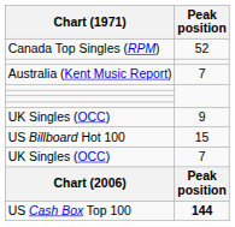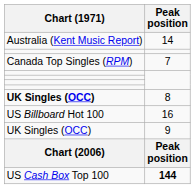 <table class="wikitable sortable">
 <tr>
 <th style="text-align:center;">Chart (1971)</th>
 <th style="text-align:center;">Peak<br>position</th>
 </tr>
 <tr>
-<td style="text-align:left;">Canada Top Singles (<em><a href='#'>RPM</a></em>)</td>
-<td style="text-align:center;">52</td>
+<td>Australia (<a href='#'>Kent Music Report</a>)</td>
+<td style="text-align:center;">14</td>
 </tr>
 <tr>
 <td></td>
 </tr>
 <tr>
-<td>Australia (<a href='#'>Kent Music Report</a>)</td>
+<td style="text-align:left;">Canada Top Singles (<em><a href='#'>RPM</a></em>)</td>
 <td style="text-align:center;">7</td>
 </tr>
 <tr>
 <td></td>
 </tr>
 <tr>
 <td></td>
 </tr>
 <tr>
 <td></td>
 </tr>
 <tr>
 <td></td>
 </tr>
 <tr>
-<td style="text-align:left;">UK Singles (<a href='#'>OCC</a>)</td>
-<td style="text-align:center;">9</td>
+<td style="text-align:left;"><strong>UK Singles (<a href='#'>OCC</a>)</strong></td>
+<td style="text-align:center;">8</td>
 </tr>
 <tr>
 <td style="text-align:left;">US <em>Billboard</em> Hot 100</td>
-<td style="text-align:center;">15</td>
+<td style="text-align:center;">16</td>
 </tr>
 <tr>
 <td style="text-align:left;">UK Singles (<a href='#'>OCC</a>)</td>
-<td align="center">7</td>
+<td align="center">9</td>
 </tr>
 <tr>
 <th style="text-align:center;">Chart (2006)</th>
 <th style="text-align:center;">Peak<br>position</th>
 </tr>
 <tr>
 <td>US <a href='#'><em>Cash Box</em></a> Top 100</td>
 <td style="text-align:center;"><strong>144</strong></td>
 </tr>
 </table>
